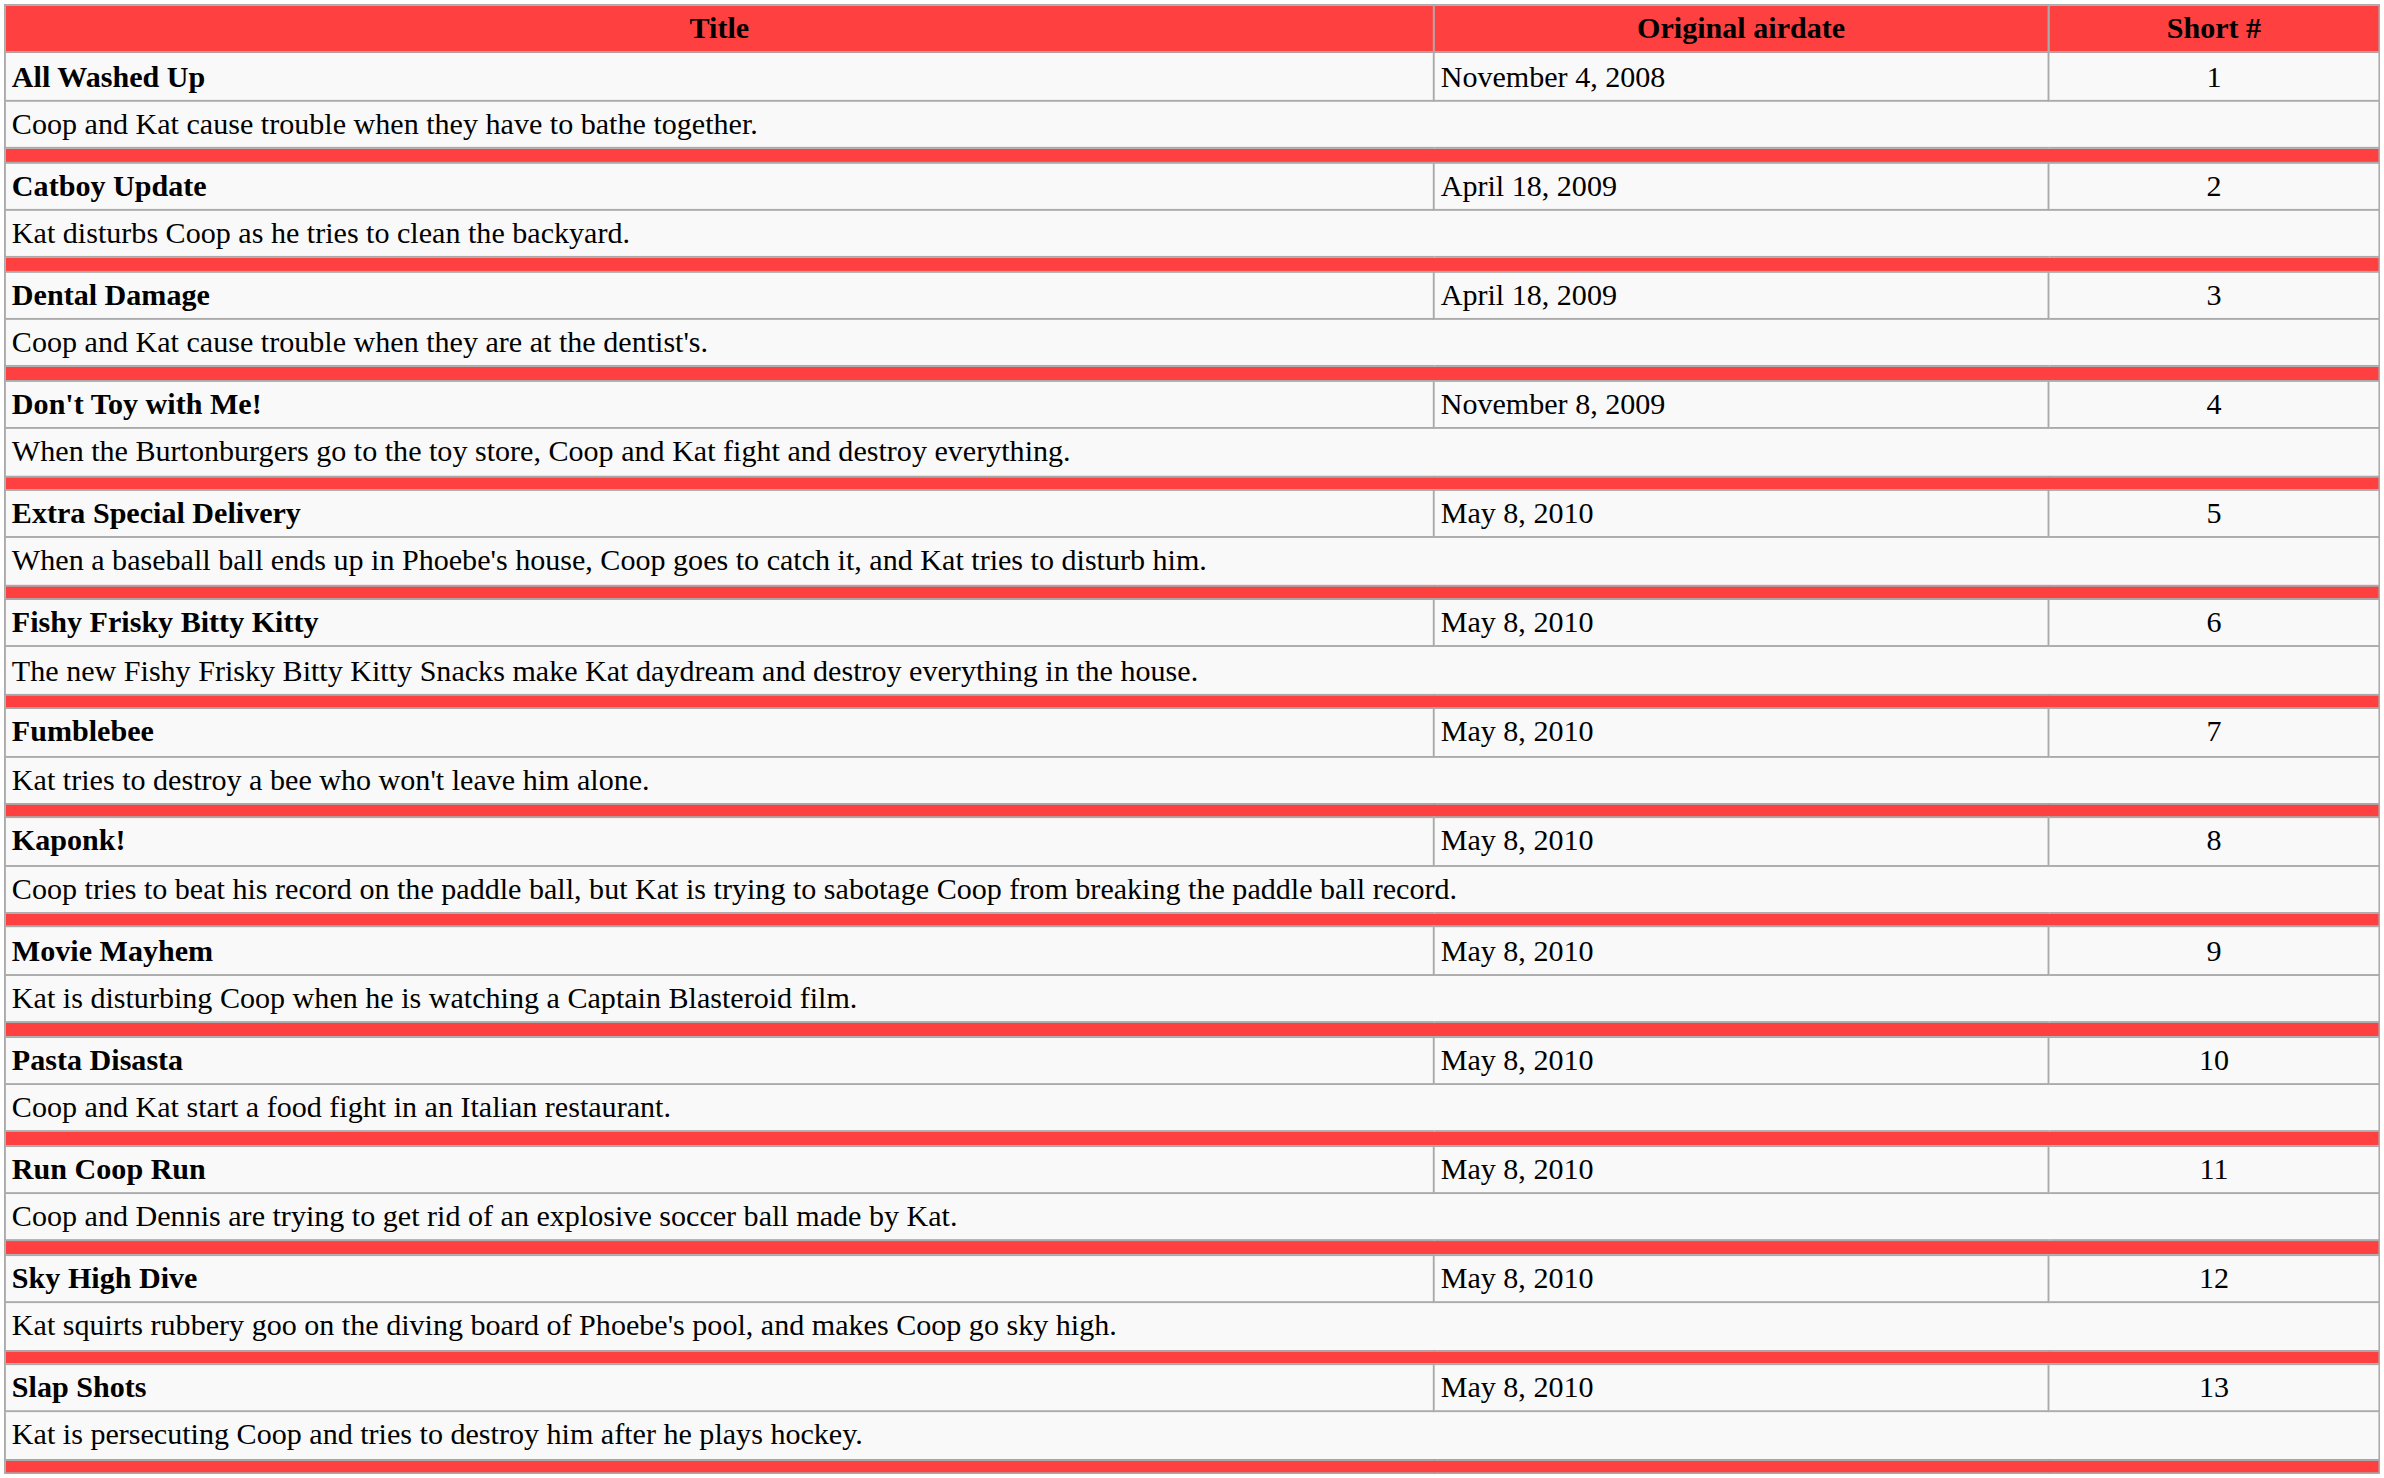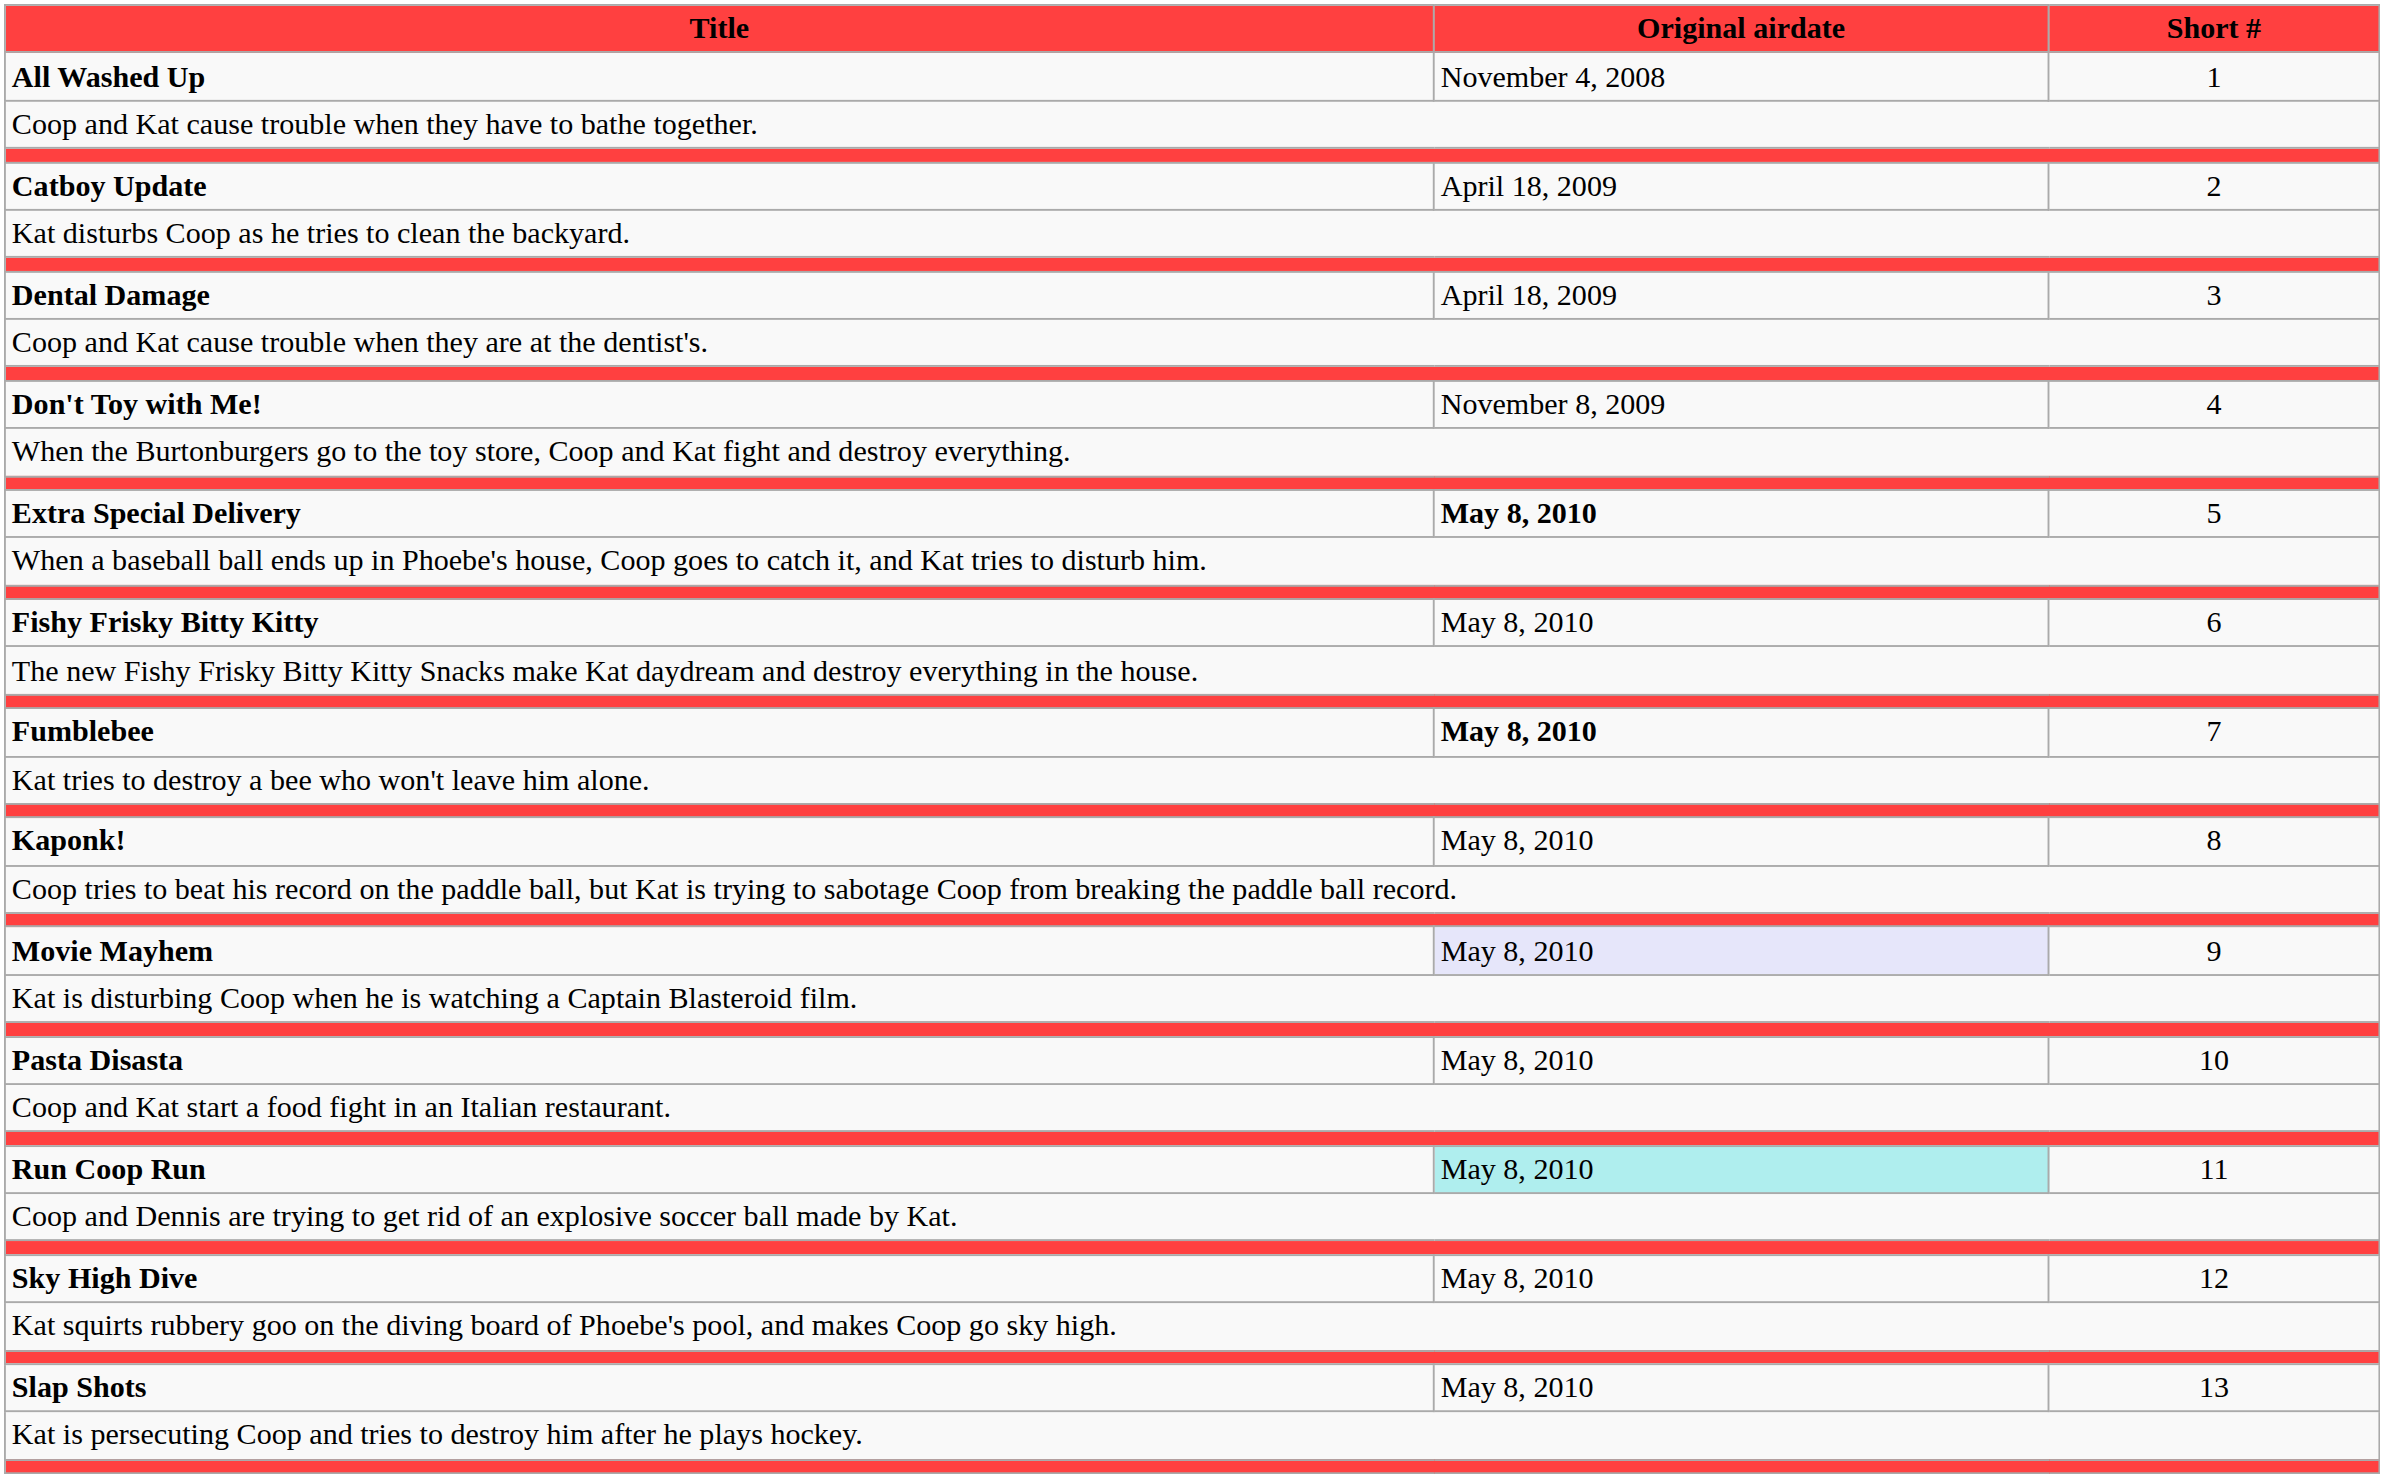 <table class="wikitable" Width="100%">
 <tr>
 <th width="370" style="background:#ff4040">Title</th>
 <th width="155" style="background:#ff4040">Original airdate</th>
 <th width="80"  style="background:#ff4040">Short #</th>
 </tr>
 <tr>
 <td><strong>All Washed Up</strong></td>
 <td>November 4, 2008</td>
 <td align="center">1</td>
 </tr>
 <tr>
 <td colspan="6">Coop and Kat cause trouble when they have to bathe together.</td>
 </tr>
 <tr>
 <td colspan="4" bgcolor="#ff4040"></td>
 </tr>
 <tr>
 <td><strong>Catboy Update</strong></td>
 <td>April 18, 2009</td>
 <td align="center">2</td>
 </tr>
 <tr>
 <td colspan="6">Kat disturbs Coop as he tries to clean the backyard.</td>
 </tr>
 <tr>
 <td colspan="4" bgcolor="#ff4040"></td>
 </tr>
 <tr>
 <td><strong>Dental Damage</strong></td>
 <td>April 18, 2009</td>
 <td align="center">3</td>
 </tr>
 <tr>
 <td colspan="6">Coop and Kat cause trouble when they are at the dentist's.</td>
 </tr>
 <tr>
 <td colspan="4" bgcolor="#ff4040"></td>
 </tr>
 <tr>
 <td><strong>Don't Toy with Me!</strong></td>
 <td>November 8, 2009</td>
 <td align="center">4</td>
 </tr>
 <tr>
 <td colspan="6">When the Burtonburgers go to the toy store, Coop and Kat fight and destroy everything.</td>
 </tr>
 <tr>
 <td colspan="4" bgcolor="#ff4040"></td>
 </tr>
 <tr>
 <td><strong>Extra Special Delivery</strong></td>
-<td>May 8, 2010</td>
+<td><strong>May 8, 2010</strong></td>
 <td align="center">5</td>
 </tr>
 <tr>
 <td colspan="6">When a baseball ball ends up in Phoebe's house, Coop goes to catch it, and Kat tries to disturb him.</td>
 </tr>
 <tr>
 <td colspan="4" bgcolor="#ff4040"></td>
 </tr>
 <tr>
 <td><strong>Fishy Frisky Bitty Kitty</strong></td>
 <td>May 8, 2010</td>
 <td align="center">6</td>
 </tr>
 <tr>
 <td colspan="6">The new Fishy Frisky Bitty Kitty Snacks make Kat daydream and destroy everything in the house.</td>
 </tr>
 <tr>
 <td colspan="4" bgcolor="#ff4040"></td>
 </tr>
 <tr>
 <td><strong>Fumblebee</strong></td>
-<td>May 8, 2010</td>
+<td><strong>May 8, 2010</strong></td>
 <td align="center">7</td>
 </tr>
 <tr>
 <td colspan="6">Kat tries to destroy a bee who won't leave him alone.</td>
 </tr>
 <tr>
 <td colspan="4" bgcolor="#ff4040"></td>
 </tr>
 <tr>
 <td><strong>Kaponk!</strong></td>
 <td>May 8, 2010</td>
 <td align="center">8</td>
 </tr>
 <tr>
 <td colspan="6">Coop tries to beat his record on the paddle ball, but Kat is trying to sabotage Coop from breaking the paddle ball record.</td>
 </tr>
 <tr>
 <td colspan="4" bgcolor="#ff4040"></td>
 </tr>
 <tr>
 <td><strong>Movie Mayhem</strong></td>
-<td>May 8, 2010</td>
+<td style="background: lavender;">May 8, 2010</td>
 <td align="center">9</td>
 </tr>
 <tr>
 <td colspan="6">Kat is disturbing Coop when he is watching a Captain Blasteroid film.</td>
 </tr>
 <tr>
 <td colspan="4" bgcolor="#ff4040"></td>
 </tr>
 <tr>
 <td><strong>Pasta Disasta</strong></td>
 <td>May 8, 2010</td>
 <td align="center">10</td>
 </tr>
 <tr>
 <td colspan="6">Coop and Kat start a food fight in an Italian restaurant.</td>
 </tr>
 <tr>
 <td colspan="4" bgcolor="#ff4040"></td>
 </tr>
 <tr>
 <td><strong>Run Coop Run</strong></td>
-<td>May 8, 2010</td>
+<td style="background: paleturquoise;">May 8, 2010</td>
 <td align="center">11</td>
 </tr>
 <tr>
 <td colspan="6">Coop and Dennis are trying to get rid of an explosive soccer ball made by Kat.</td>
 </tr>
 <tr>
 <td colspan="4" bgcolor="#ff4040"></td>
 </tr>
 <tr>
 <td><strong>Sky High Dive</strong></td>
 <td>May 8, 2010</td>
 <td align="center">12</td>
 </tr>
 <tr>
 <td colspan="6">Kat squirts rubbery goo on the diving board of Phoebe's pool, and makes Coop go sky high.</td>
 </tr>
 <tr>
 <td colspan="4" bgcolor="#ff4040"></td>
 </tr>
 <tr>
 <td><strong>Slap Shots</strong></td>
 <td>May 8, 2010</td>
 <td align="center">13</td>
 </tr>
 <tr>
 <td colspan="6">Kat is persecuting Coop and tries to destroy him after he plays hockey.</td>
 </tr>
 <tr>
 <td colspan="4" bgcolor="#ff4040"></td>
 </tr>
 </table>
